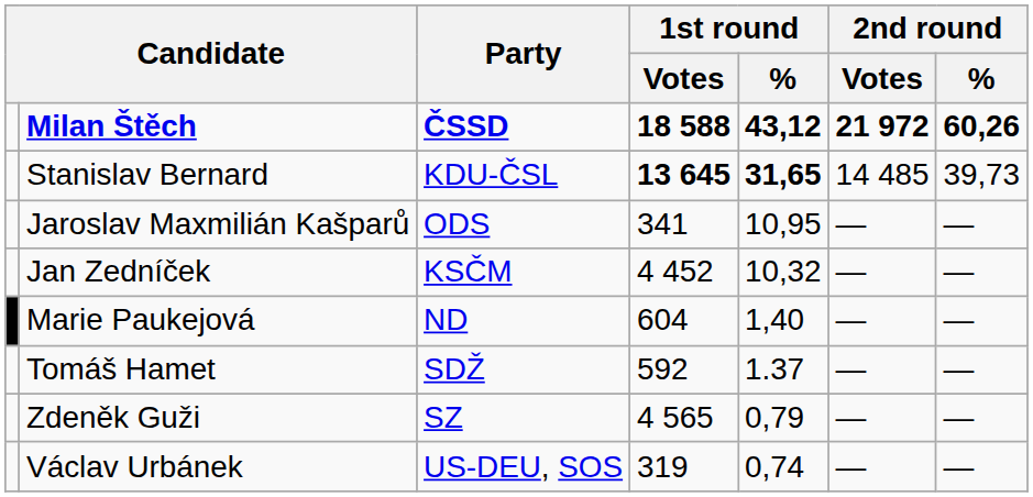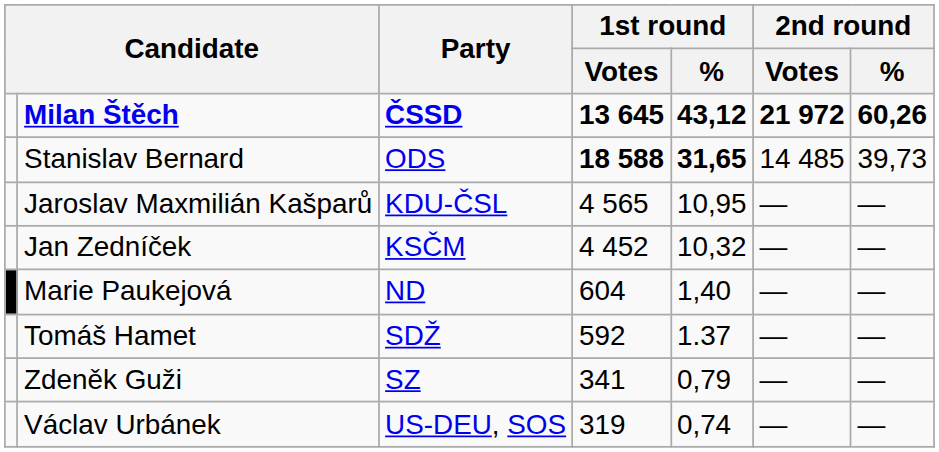 <table class="wikitable sortable">
 <tr>
 <th colspan="2" rowspan="2">Candidate</th>
 <th rowspan="2">Party</th>
 <th colspan="2">1st round</th>
 <th colspan="2">2nd round</th>
 </tr>
 <tr>
 <th>Votes</th>
 <th>%</th>
 <th>Votes</th>
 <th>%</th>
 </tr>
 <tr>
 <td style="background-color:"></td>
 <td><strong><a href='#'>Milan Štěch</a></strong></td>
 <td><a href='#'><strong>ČSSD</strong></a></td>
-<td><strong>18 588</strong></td>
+<td><strong>13 645</strong></td>
 <td><strong>43,12</strong></td>
 <td><strong>21 972</strong></td>
 <td><strong>60,26</strong></td>
 </tr>
 <tr>
 <td style="background-color:"></td>
 <td>Stanislav Bernard</td>
-<td><a href='#'>KDU-ČSL</a></td>
-<td><strong>13 645</strong></td>
+<td><a href='#'>ODS</a></td>
+<td><strong>18 588</strong></td>
 <td><strong>31,65</strong></td>
 <td>14 485</td>
 <td>39,73</td>
 </tr>
 <tr>
 <td style="background-color:"></td>
 <td>Jaroslav Maxmilián Kašparů</td>
-<td><a href='#'>ODS</a></td>
-<td>341</td>
+<td><a href='#'>KDU-ČSL</a></td>
+<td>4 565</td>
 <td>10,95</td>
 <td>—</td>
 <td>—</td>
 </tr>
 <tr>
 <td style="background-color:"></td>
 <td>Jan Zedníček</td>
 <td><a href='#'>KSČM</a></td>
 <td>4 452</td>
 <td>10,32</td>
 <td>—</td>
 <td>—</td>
 </tr>
 <tr>
 <td style="background-color:black;"></td>
 <td>Marie Paukejová</td>
 <td><a href='#'>ND</a></td>
 <td>604</td>
 <td>1,40</td>
 <td>—</td>
 <td>—</td>
 </tr>
 <tr>
 <td style="background-color:"></td>
 <td>Tomáš Hamet</td>
 <td><a href='#'>SDŽ</a></td>
 <td>592</td>
 <td>1.37</td>
 <td>—</td>
 <td>—</td>
 </tr>
 <tr>
 <td style="background-color:"></td>
 <td>Zdeněk Guži</td>
 <td><a href='#'>SZ</a></td>
-<td>4 565</td>
+<td>341</td>
 <td>0,79</td>
 <td>—</td>
 <td>—</td>
 </tr>
 <tr>
 <td style="background-color:"></td>
 <td>Václav Urbánek</td>
 <td><a href='#'>US-DEU</a>, <a href='#'>SOS</a></td>
 <td>319</td>
 <td>0,74</td>
 <td>—</td>
 <td>—</td>
 </tr>
 </table>
